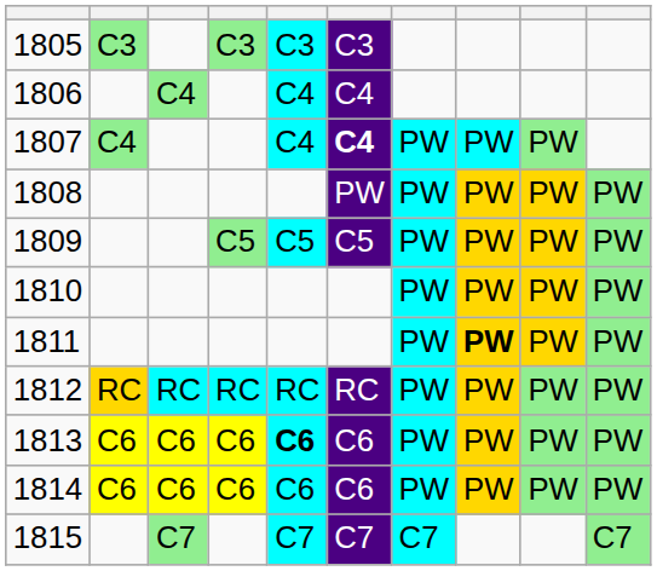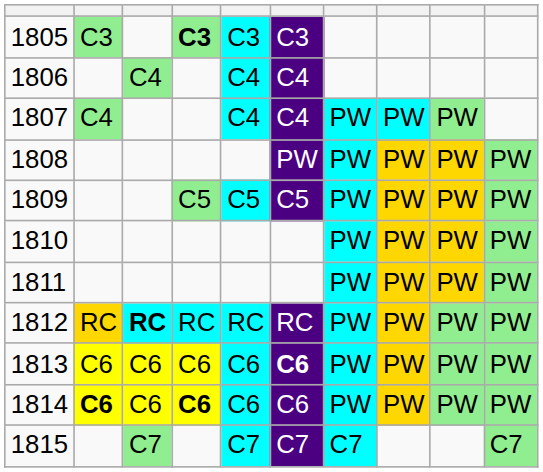 <table class="wikitable">
 <tr>
 <th></th>
 <th></th>
 <th></th>
 <th></th>
 <th></th>
 <th></th>
 <th></th>
 <th></th>
 <th></th>
 <th></th>
 </tr>
 <tr>
 <td>1805</td>
 <td style="background: lightgreen;">C3</td>
 <td></td>
-<td style="background: lightgreen;">C3</td>
+<td style="background: lightgreen;"><strong>C3</strong></td>
 <td style="background: aqua;">C3</td>
 <td style="background: indigo; color:white;">C3</td>
 <td></td>
 <td></td>
 <td></td>
 <td></td>
 </tr>
 <tr>
 <td>1806</td>
 <td></td>
 <td style="background: lightgreen;">C4</td>
 <td></td>
 <td style="background: aqua;">C4</td>
 <td style="background: indigo; color:white;">C4</td>
 <td></td>
 <td></td>
 <td></td>
 <td></td>
 </tr>
 <tr>
 <td>1807</td>
 <td style="background: lightgreen;">C4</td>
 <td></td>
 <td></td>
 <td style="background: aqua;">C4</td>
-<td style="background: indigo; color:white;"><strong>C4</strong></td>
+<td style="background: indigo; color:white;">C4</td>
 <td style="background: aqua;">PW</td>
 <td style="background: aqua;">PW</td>
 <td style="background: lightgreen;">PW</td>
 <td></td>
 </tr>
 <tr>
 <td>1808</td>
 <td></td>
 <td></td>
 <td></td>
 <td></td>
 <td style="background: indigo; color:white;">PW</td>
 <td style="background: aqua;">PW</td>
 <td style="background: gold;">PW</td>
 <td style="background: gold;">PW</td>
 <td style="background: lightgreen;">PW</td>
 </tr>
 <tr>
 <td>1809</td>
 <td></td>
 <td></td>
 <td style="background: lightgreen;">C5</td>
 <td style="background: aqua;">C5</td>
 <td style="background: indigo; color:white;">C5</td>
 <td style="background: aqua;">PW</td>
 <td style="background: gold;">PW</td>
 <td style="background: gold;">PW</td>
 <td style="background: lightgreen;">PW</td>
 </tr>
 <tr>
 <td>1810</td>
 <td></td>
 <td></td>
 <td></td>
 <td></td>
 <td></td>
 <td style="background: aqua;">PW</td>
 <td style="background: gold;">PW</td>
 <td style="background: gold;">PW</td>
 <td style="background: lightgreen;">PW</td>
 </tr>
 <tr>
 <td>1811</td>
 <td></td>
 <td></td>
 <td></td>
 <td></td>
 <td></td>
 <td style="background: aqua;">PW</td>
-<td style="background: gold;"><strong>PW</strong></td>
+<td style="background: gold;">PW</td>
 <td style="background: gold;">PW</td>
 <td style="background: lightgreen;">PW</td>
 </tr>
 <tr>
 <td>1812</td>
 <td style="background: gold;">RC</td>
-<td style="background: aqua;">RC</td>
+<td style="background: aqua;"><strong>RC</strong></td>
 <td style="background: aqua;">RC</td>
 <td style="background: aqua;">RC</td>
 <td style="background: indigo; color:white;">RC</td>
 <td style="background: aqua;">PW</td>
 <td style="background: gold;">PW</td>
 <td style="background: lightgreen;">PW</td>
 <td style="background: lightgreen;">PW</td>
 </tr>
 <tr>
 <td>1813</td>
 <td style="background: yellow;">C6</td>
 <td style="background: yellow;">C6</td>
 <td style="background: yellow;">C6</td>
-<td style="background: aqua;"><strong>C6</strong></td>
-<td style="background: indigo; color:white;">C6</td>
+<td style="background: aqua;">C6</td>
+<td style="background: indigo; color:white;"><strong>C6</strong></td>
 <td style="background: aqua;">PW</td>
 <td style="background: gold;">PW</td>
 <td style="background: lightgreen;">PW</td>
 <td style="background: lightgreen;">PW</td>
 </tr>
 <tr>
 <td>1814</td>
+<td style="background: yellow;"><strong>C6</strong></td>
 <td style="background: yellow;">C6</td>
-<td style="background: yellow;">C6</td>
-<td style="background: yellow;">C6</td>
+<td style="background: yellow;"><strong>C6</strong></td>
 <td style="background: aqua;">C6</td>
 <td style="background: indigo; color:white;">C6</td>
 <td style="background: aqua;">PW</td>
 <td style="background: gold;">PW</td>
 <td style="background: lightgreen;">PW</td>
 <td style="background: lightgreen;">PW</td>
 </tr>
 <tr>
 <td>1815</td>
 <td></td>
 <td style="background: lightgreen;">C7</td>
 <td></td>
 <td style="background: aqua;">C7</td>
 <td style="background: indigo; color:white;">C7</td>
 <td style="background: aqua;">C7</td>
 <td></td>
 <td></td>
 <td style="background: lightgreen;">C7</td>
 </tr>
 </table>
